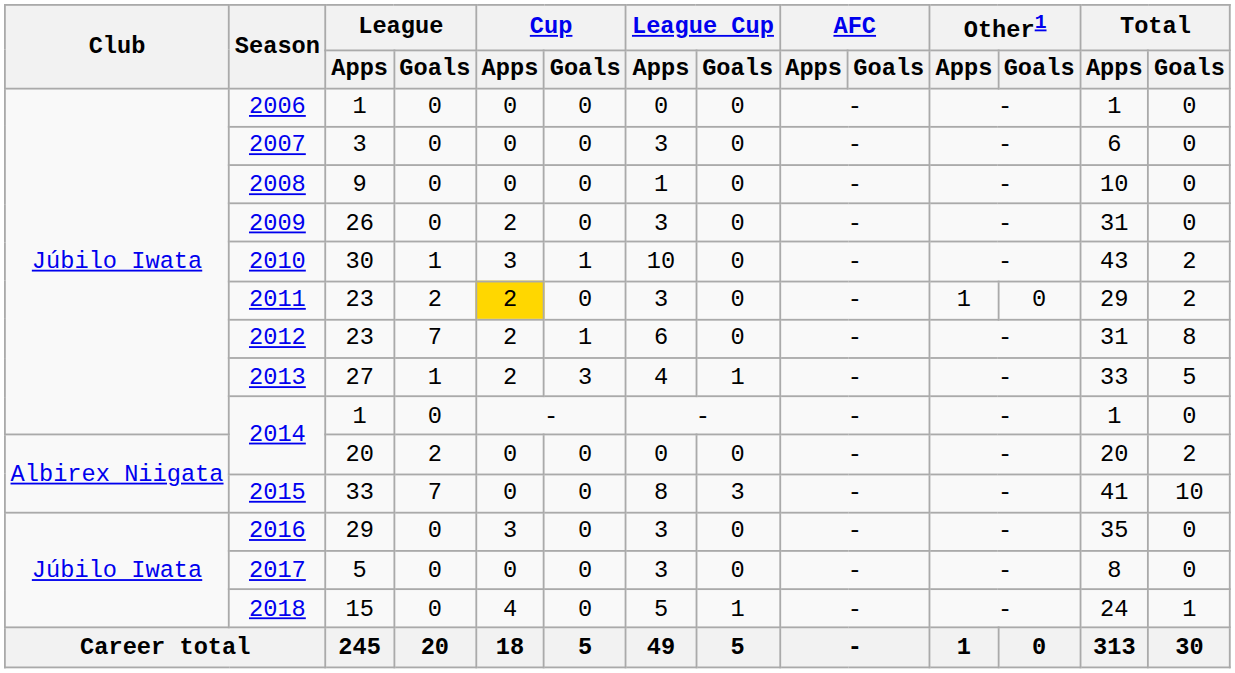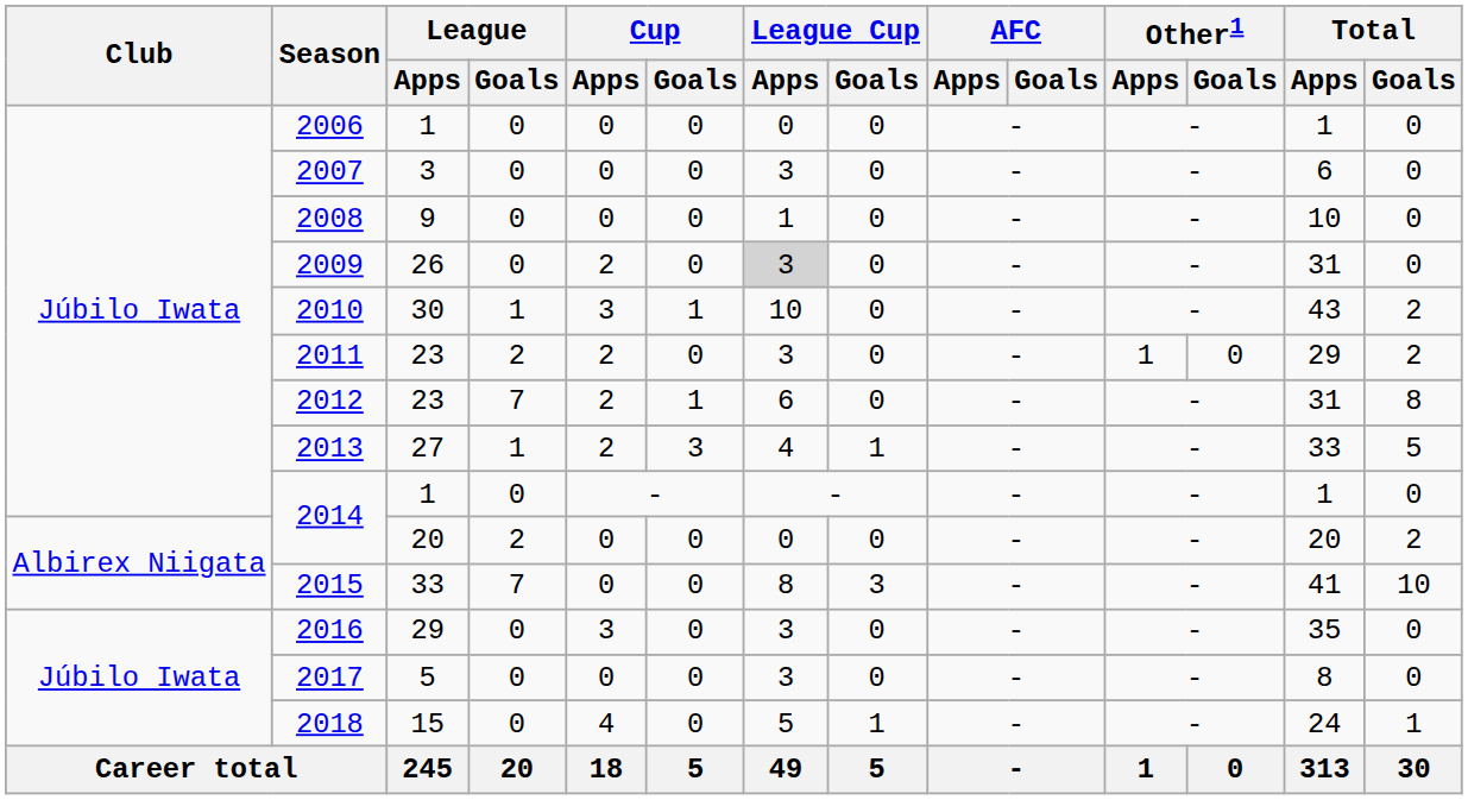 <table class="wikitable" style="text-align:center;">
 <tr>
 <th rowspan="2">Club</th>
 <th rowspan="2">Season</th>
 <th colspan="2">League</th>
 <th colspan="2"><a href='#'>Cup</a></th>
 <th colspan="2"><a href='#'>League Cup</a></th>
 <th colspan="2"><a href='#'>AFC</a></th>
 <th colspan="2">Other<sup><a href='#'>1</a></sup></th>
 <th colspan="2">Total</th>
 </tr>
 <tr>
 <th>Apps</th>
 <th>Goals</th>
 <th>Apps</th>
 <th>Goals</th>
 <th>Apps</th>
 <th>Goals</th>
 <th>Apps</th>
 <th>Goals</th>
 <th>Apps</th>
 <th>Goals</th>
 <th>Apps</th>
 <th>Goals</th>
 </tr>
 <tr>
 <td rowspan="9"><a href='#'>Júbilo Iwata</a></td>
 <td><a href='#'>2006</a></td>
 <td>1</td>
 <td>0</td>
 <td>0</td>
 <td>0</td>
 <td>0</td>
 <td>0</td>
 <td colspan="2">-</td>
 <td colspan="2">-</td>
 <td>1</td>
 <td>0</td>
 </tr>
 <tr>
 <td><a href='#'>2007</a></td>
 <td>3</td>
 <td>0</td>
 <td>0</td>
 <td>0</td>
 <td>3</td>
 <td>0</td>
 <td colspan="2">-</td>
 <td colspan="2">-</td>
 <td>6</td>
 <td>0</td>
 </tr>
 <tr>
 <td><a href='#'>2008</a></td>
 <td>9</td>
 <td>0</td>
 <td>0</td>
 <td>0</td>
 <td>1</td>
 <td>0</td>
 <td colspan="2">-</td>
 <td colspan="2">-</td>
 <td>10</td>
 <td>0</td>
 </tr>
 <tr>
 <td><a href='#'>2009</a></td>
 <td>26</td>
 <td>0</td>
 <td>2</td>
 <td>0</td>
-<td>3</td>
+<td style="background: lightgrey;">3</td>
 <td>0</td>
 <td colspan="2">-</td>
 <td colspan="2">-</td>
 <td>31</td>
 <td>0</td>
 </tr>
 <tr>
 <td><a href='#'>2010</a></td>
 <td>30</td>
 <td>1</td>
 <td>3</td>
 <td>1</td>
 <td>10</td>
 <td>0</td>
 <td colspan="2">-</td>
 <td colspan="2">-</td>
 <td>43</td>
 <td>2</td>
 </tr>
 <tr>
 <td><a href='#'>2011</a></td>
 <td>23</td>
 <td>2</td>
-<td style="background: gold;">2</td>
+<td>2</td>
 <td>0</td>
 <td>3</td>
 <td>0</td>
 <td colspan="2">-</td>
 <td>1</td>
 <td>0</td>
 <td>29</td>
 <td>2</td>
 </tr>
 <tr>
 <td><a href='#'>2012</a></td>
 <td>23</td>
 <td>7</td>
 <td>2</td>
 <td>1</td>
 <td>6</td>
 <td>0</td>
 <td colspan="2">-</td>
 <td colspan="2">-</td>
 <td>31</td>
 <td>8</td>
 </tr>
 <tr>
 <td><a href='#'>2013</a></td>
 <td>27</td>
 <td>1</td>
 <td>2</td>
 <td>3</td>
 <td>4</td>
 <td>1</td>
 <td colspan="2">-</td>
 <td colspan="2">-</td>
 <td>33</td>
 <td>5</td>
 </tr>
 <tr>
 <td rowspan="2"><a href='#'>2014</a></td>
 <td>1</td>
 <td>0</td>
 <td colspan="2">-</td>
 <td colspan="2">-</td>
 <td colspan="2">-</td>
 <td colspan="2">-</td>
 <td>1</td>
 <td>0</td>
 </tr>
 <tr>
 <td rowspan="2"><a href='#'>Albirex Niigata</a></td>
 <td>20</td>
 <td>2</td>
 <td>0</td>
 <td>0</td>
 <td>0</td>
 <td>0</td>
 <td colspan="2">-</td>
 <td colspan="2">-</td>
 <td>20</td>
 <td>2</td>
 </tr>
 <tr>
 <td><a href='#'>2015</a></td>
 <td>33</td>
 <td>7</td>
 <td>0</td>
 <td>0</td>
 <td>8</td>
 <td>3</td>
 <td colspan="2">-</td>
 <td colspan="2">-</td>
 <td>41</td>
 <td>10</td>
 </tr>
 <tr>
 <td rowspan="3"><a href='#'>Júbilo Iwata</a></td>
 <td><a href='#'>2016</a></td>
 <td>29</td>
 <td>0</td>
 <td>3</td>
 <td>0</td>
 <td>3</td>
 <td>0</td>
 <td colspan="2">-</td>
 <td colspan="2">-</td>
 <td>35</td>
 <td>0</td>
 </tr>
 <tr>
 <td><a href='#'>2017</a></td>
 <td>5</td>
 <td>0</td>
 <td>0</td>
 <td>0</td>
 <td>3</td>
 <td>0</td>
 <td colspan="2">-</td>
 <td colspan="2">-</td>
 <td>8</td>
 <td>0</td>
 </tr>
 <tr>
 <td><a href='#'>2018</a></td>
 <td>15</td>
 <td>0</td>
 <td>4</td>
 <td>0</td>
 <td>5</td>
 <td>1</td>
 <td colspan="2">-</td>
 <td colspan="2">-</td>
 <td>24</td>
 <td>1</td>
 </tr>
 <tr>
 <th colspan="2">Career total</th>
 <th>245</th>
 <th>20</th>
 <th>18</th>
 <th>5</th>
 <th>49</th>
 <th>5</th>
 <th colspan="2">-</th>
 <th>1</th>
 <th>0</th>
 <th>313</th>
 <th>30</th>
 </tr>
 </table>
